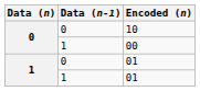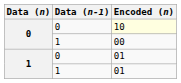 <table class="wikitable">
 <tr>
 <th>Data (<em>n</em>)</th>
 <th>Data (<em>n-1</em>)</th>
 <th>Encoded (<em>n</em>)</th>
 </tr>
 <tr>
 <th rowspan="2">0</th>
 <td>0</td>
-<td>10</td>
+<td style="background: lightyellow;">10</td>
 </tr>
 <tr>
 <td>1</td>
 <td>00</td>
 </tr>
 <tr>
 <th rowspan="2">1</th>
 <td>0</td>
 <td>01</td>
 </tr>
 <tr>
 <td>1</td>
 <td>01</td>
 </tr>
 </table>
